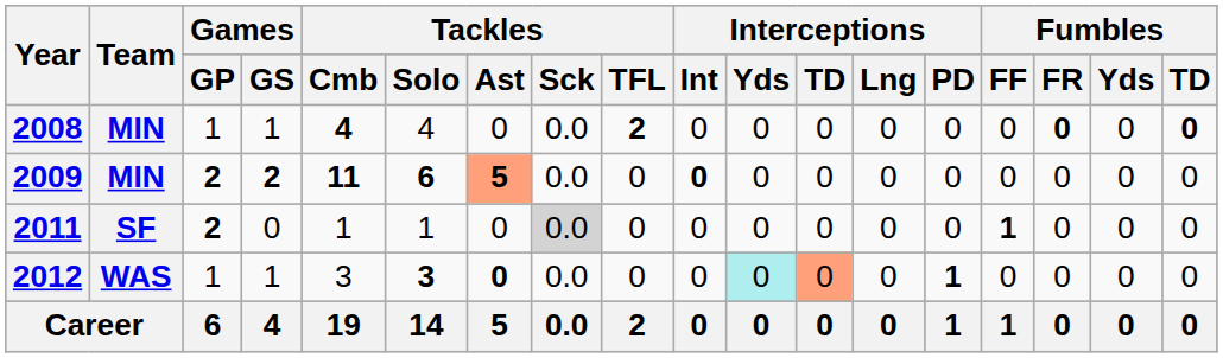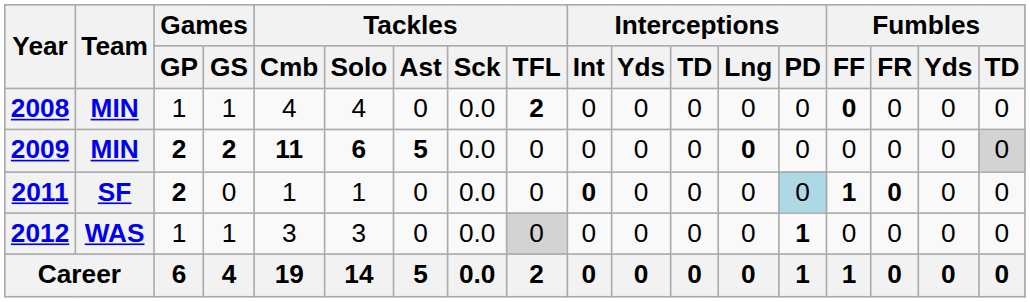 <table class="wikitable" style="text-align:center;">
 <tr>
 <th rowspan="2">Year</th>
 <th rowspan="2">Team</th>
 <th colspan="2">Games</th>
 <th colspan="5">Tackles</th>
 <th colspan="5">Interceptions</th>
 <th colspan="4">Fumbles</th>
 </tr>
 <tr>
 <th>GP</th>
 <th>GS</th>
 <th>Cmb</th>
 <th>Solo</th>
 <th>Ast</th>
 <th>Sck</th>
 <th>TFL</th>
 <th>Int</th>
 <th>Yds</th>
 <th>TD</th>
 <th>Lng</th>
 <th>PD</th>
 <th>FF</th>
 <th>FR</th>
 <th>Yds</th>
 <th>TD</th>
 </tr>
 <tr>
 <th><a href='#'>2008</a></th>
 <th><a href='#'>MIN</a></th>
 <td>1</td>
 <td>1</td>
-<td><strong>4</strong></td>
+<td>4</td>
 <td>4</td>
 <td>0</td>
 <td>0.0</td>
 <td><strong>2</strong></td>
 <td>0</td>
 <td>0</td>
 <td>0</td>
 <td>0</td>
 <td>0</td>
-<td>0</td>
 <td><strong>0</strong></td>
 <td>0</td>
-<td><strong>0</strong></td>
+<td>0</td>
+<td>0</td>
 </tr>
 <tr>
 <th><a href='#'>2009</a></th>
 <th><a href='#'>MIN</a></th>
 <td><strong>2</strong></td>
 <td><strong>2</strong></td>
 <td><strong>11</strong></td>
 <td><strong>6</strong></td>
-<td style="background: lightsalmon;"><strong>5</strong></td>
+<td><strong>5</strong></td>
 <td>0.0</td>
+<td>0</td>
+<td>0</td>
+<td>0</td>
 <td>0</td>
 <td><strong>0</strong></td>
 <td>0</td>
 <td>0</td>
 <td>0</td>
 <td>0</td>
-<td>0</td>
-<td>0</td>
-<td>0</td>
-<td>0</td>
+<td style="background: lightgrey;">0</td>
 </tr>
 <tr>
 <th><a href='#'>2011</a></th>
 <th><a href='#'>SF</a></th>
 <td><strong>2</strong></td>
 <td>0</td>
 <td>1</td>
 <td>1</td>
 <td>0</td>
-<td style="background: lightgrey;">0.0</td>
+<td>0.0</td>
+<td>0</td>
+<td><strong>0</strong></td>
 <td>0</td>
 <td>0</td>
 <td>0</td>
-<td>0</td>
-<td>0</td>
-<td>0</td>
+<td style="background: lightblue;">0</td>
 <td><strong>1</strong></td>
-<td>0</td>
+<td><strong>0</strong></td>
 <td>0</td>
 <td>0</td>
 </tr>
 <tr>
 <th><a href='#'>2012</a></th>
 <th><a href='#'>WAS</a></th>
 <td>1</td>
 <td>1</td>
 <td>3</td>
-<td><strong>3</strong></td>
-<td><strong>0</strong></td>
+<td>3</td>
+<td>0</td>
 <td>0.0</td>
+<td style="background: lightgrey;">0</td>
 <td>0</td>
 <td>0</td>
-<td style="background: paleturquoise;">0</td>
-<td style="background: lightsalmon;">0</td>
+<td>0</td>
 <td>0</td>
 <td><strong>1</strong></td>
 <td>0</td>
 <td>0</td>
 <td>0</td>
 <td>0</td>
 </tr>
 <tr>
 <th colspan="2">Career</th>
 <th>6</th>
 <th>4</th>
 <th>19</th>
 <th>14</th>
 <th>5</th>
 <th>0.0</th>
 <th>2</th>
 <th>0</th>
 <th>0</th>
 <th>0</th>
 <th>0</th>
 <th>1</th>
 <th>1</th>
 <th>0</th>
 <th>0</th>
 <th>0</th>
 </tr>
 </table>
